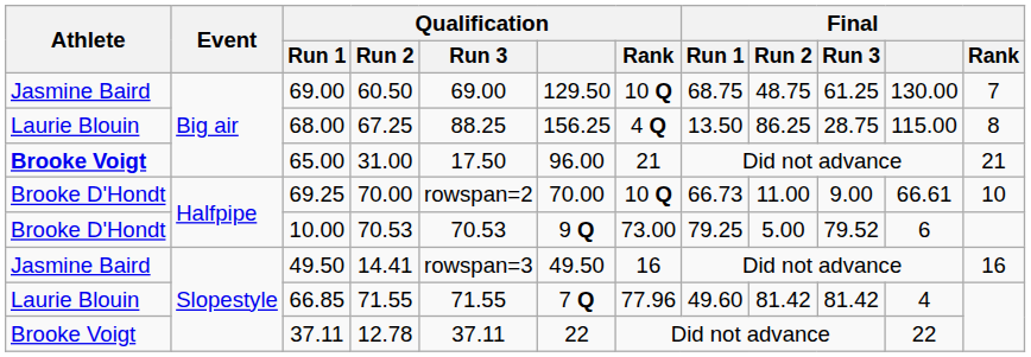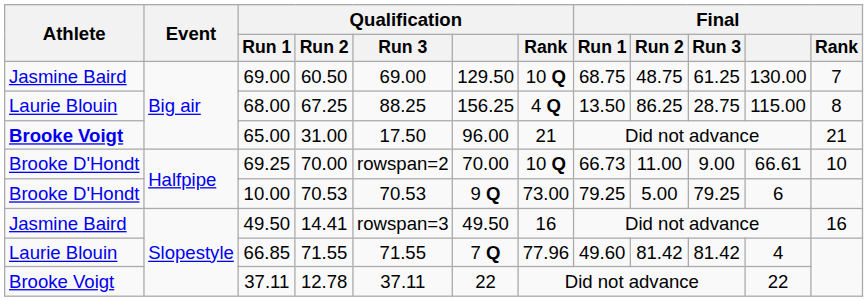 <table class=wikitable style=font-size:90%;text-align:center>
 <tr>
 <th rowspan=2>Athlete</th>
 <th rowspan=2>Event</th>
 <th colspan=5>Qualification</th>
 <th colspan=5>Final</th>
 </tr>
 <tr style=font-size:95%>
 <th>Run 1</th>
 <th>Run 2</th>
 <th>Run 3</th>
 <th></th>
 <th>Rank</th>
 <th>Run 1</th>
 <th>Run 2</th>
 <th>Run 3</th>
 <th></th>
 <th>Rank</th>
 </tr>
 <tr>
 <td align=left><a href='#'>Jasmine Baird</a></td>
 <td align=left rowspan=3><a href='#'>Big air</a></td>
 <td>69.00</td>
 <td>60.50</td>
 <td>69.00</td>
 <td>129.50</td>
 <td>10 <strong>Q</strong></td>
 <td>68.75</td>
 <td>48.75</td>
 <td>61.25</td>
 <td>130.00</td>
 <td>7</td>
 </tr>
 <tr>
 <td align=left><a href='#'>Laurie Blouin</a></td>
 <td>68.00</td>
 <td>67.25</td>
 <td>88.25</td>
 <td>156.25</td>
 <td>4 <strong>Q</strong></td>
 <td>13.50</td>
 <td>86.25</td>
 <td>28.75</td>
 <td>115.00</td>
 <td>8</td>
 </tr>
 <tr>
 <td align=left><strong><a href='#'>Brooke Voigt</a></strong></td>
 <td>65.00</td>
 <td>31.00</td>
 <td>17.50</td>
 <td>96.00</td>
 <td>21</td>
 <td colspan=4>Did not advance</td>
 <td>21</td>
 </tr>
 <tr>
 <td align=left><a href='#'>Brooke D'Hondt</a></td>
 <td align=left rowspan=2><a href='#'>Halfpipe</a></td>
 <td>69.25</td>
 <td>70.00</td>
 <td>rowspan=2 </td>
 <td>70.00</td>
 <td>10 <strong>Q</strong></td>
 <td>66.73</td>
 <td>11.00</td>
 <td>9.00</td>
 <td>66.61</td>
 <td>10</td>
 </tr>
 <tr>
 <td align=left><a href='#'>Brooke D'Hondt</a></td>
 <td>10.00</td>
 <td>70.53</td>
 <td>70.53</td>
 <td>9 <strong>Q</strong></td>
 <td>73.00</td>
 <td>79.25</td>
 <td>5.00</td>
-<td>79.52</td>
+<td>79.25</td>
 <td>6</td>
 </tr>
 <tr>
 <td align=left><a href='#'>Jasmine Baird</a></td>
 <td align=left rowspan=3><a href='#'>Slopestyle</a></td>
 <td>49.50</td>
 <td>14.41</td>
 <td>rowspan=3 </td>
 <td>49.50</td>
 <td>16</td>
 <td colspan=4>Did not advance</td>
 <td>16</td>
 </tr>
 <tr>
 <td align=left><a href='#'>Laurie Blouin</a></td>
 <td>66.85</td>
 <td>71.55</td>
 <td>71.55</td>
 <td>7 <strong>Q</strong></td>
 <td>77.96</td>
 <td>49.60</td>
 <td>81.42</td>
 <td>81.42</td>
 <td>4</td>
 </tr>
 <tr>
 <td align=left><a href='#'>Brooke Voigt</a></td>
 <td>37.11</td>
 <td>12.78</td>
 <td>37.11</td>
 <td>22</td>
 <td colspan=4>Did not advance</td>
 <td>22</td>
 </tr>
 </table>
